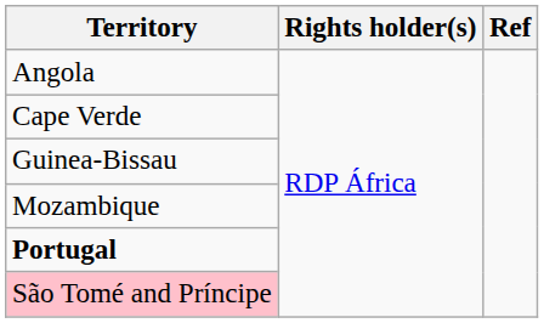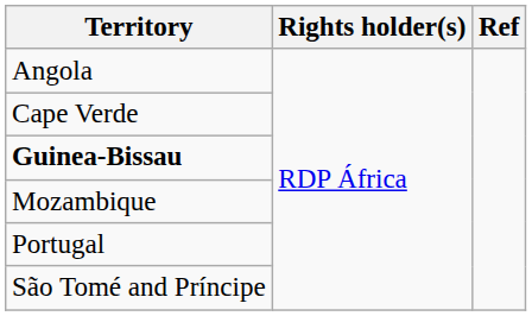 <table class=wikitable>
 <tr>
 <th>Territory</th>
 <th>Rights holder(s)</th>
 <th>Ref</th>
 </tr>
 <tr>
 <td>Angola</td>
 <td rowspan="6"><a href='#'>RDP África</a></td>
 <td rowspan="6"></td>
 </tr>
 <tr>
 <td>Cape Verde</td>
 </tr>
 <tr>
-<td>Guinea-Bissau</td>
+<td><strong>Guinea-Bissau</strong></td>
 </tr>
 <tr>
 <td>Mozambique</td>
 </tr>
 <tr>
-<td><strong>Portugal</strong></td>
+<td>Portugal</td>
 </tr>
 <tr>
-<td style="background: pink;">São Tomé and Príncipe</td>
+<td>São Tomé and Príncipe</td>
 </tr>
 </table>
